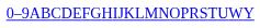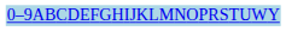 <table id="toc" class="toc" summary="Class">
 <tr>
 <th></th>
 </tr>
 <tr>
-<td style="text-align:center;"><a href='#'>0–9</a><a href='#'>A</a><a href='#'>B</a><a href='#'>C</a><a href='#'>D</a><a href='#'>E</a><a href='#'>F</a><a href='#'>G</a><a href='#'>H</a><a href='#'>I</a><a href='#'>J</a><a href='#'>K</a><a href='#'>L</a><a href='#'>M</a><a href='#'>N</a><a href='#'>O</a><a href='#'>P</a><a href='#'>R</a><a href='#'>S</a><a href='#'>T</a><a href='#'>U</a><a href='#'>W</a><a href='#'>Y</a></td>
+<td style="background: lightblue; text-align:center;"><a href='#'>0–9</a><a href='#'>A</a><a href='#'>B</a><a href='#'>C</a><a href='#'>D</a><a href='#'>E</a><a href='#'>F</a><a href='#'>G</a><a href='#'>H</a><a href='#'>I</a><a href='#'>J</a><a href='#'>K</a><a href='#'>L</a><a href='#'>M</a><a href='#'>N</a><a href='#'>O</a><a href='#'>P</a><a href='#'>R</a><a href='#'>S</a><a href='#'>T</a><a href='#'>U</a><a href='#'>W</a><a href='#'>Y</a></td>
 </tr>
 </table>
